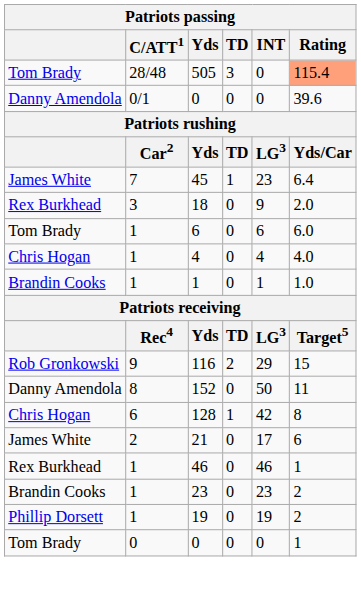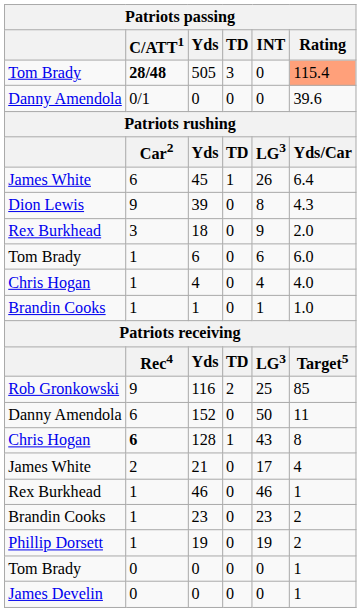 <table class="wikitable">
 <tr>
 <th colspan="6">Patriots passing</th>
 </tr>
 <tr>
 <th></th>
 <th>C/ATT<sup>1</sup></th>
 <th>Yds</th>
 <th>TD</th>
 <th>INT</th>
 <th>Rating</th>
 </tr>
 <tr>
 <td><a href='#'>Tom Brady</a></td>
-<td>28/48</td>
+<td><strong>28/48</strong></td>
 <td>505</td>
 <td>3</td>
 <td>0</td>
 <td style="background: lightsalmon;">115.4</td>
 </tr>
 <tr>
 <td><a href='#'>Danny Amendola</a></td>
 <td>0/1</td>
 <td>0</td>
 <td>0</td>
 <td>0</td>
 <td>39.6</td>
 </tr>
 <tr>
 <th colspan="6">Patriots rushing</th>
 </tr>
 <tr>
 <th></th>
 <th>Car<sup>2</sup></th>
 <th>Yds</th>
 <th>TD</th>
 <th>LG<sup>3</sup></th>
 <th>Yds/Car</th>
 </tr>
 <tr>
 <td><a href='#'>James White</a></td>
-<td>7</td>
+<td>6</td>
 <td>45</td>
 <td>1</td>
-<td>23</td>
+<td>26</td>
 <td>6.4</td>
+</tr>
+<tr>
+<td><a href='#'>Dion Lewis</a></td>
+<td>9</td>
+<td>39</td>
+<td>0</td>
+<td>8</td>
+<td>4.3</td>
 </tr>
 <tr>
 <td><a href='#'>Rex Burkhead</a></td>
 <td>3</td>
 <td>18</td>
 <td>0</td>
 <td>9</td>
 <td>2.0</td>
 </tr>
 <tr>
 <td>Tom Brady</td>
 <td>1</td>
 <td>6</td>
 <td>0</td>
 <td>6</td>
 <td>6.0</td>
 </tr>
 <tr>
 <td><a href='#'>Chris Hogan</a></td>
 <td>1</td>
 <td>4</td>
 <td>0</td>
 <td>4</td>
 <td>4.0</td>
 </tr>
 <tr>
 <td><a href='#'>Brandin Cooks</a></td>
 <td>1</td>
 <td>1</td>
 <td>0</td>
 <td>1</td>
 <td>1.0</td>
 </tr>
 <tr>
 <th colspan="6">Patriots receiving</th>
 </tr>
 <tr>
 <th></th>
 <th>Rec<sup>4</sup></th>
 <th>Yds</th>
 <th>TD</th>
 <th>LG<sup>3</sup></th>
 <th>Target<sup>5</sup></th>
 </tr>
 <tr>
 <td><a href='#'>Rob Gronkowski</a></td>
 <td>9</td>
 <td>116</td>
 <td>2</td>
-<td>29</td>
-<td>15</td>
+<td>25</td>
+<td>85</td>
 </tr>
 <tr>
 <td>Danny Amendola</td>
-<td>8</td>
+<td>6</td>
 <td>152</td>
 <td>0</td>
 <td>50</td>
 <td>11</td>
 </tr>
 <tr>
 <td><a href='#'>Chris Hogan</a></td>
-<td>6</td>
+<td><strong>6</strong></td>
 <td>128</td>
 <td>1</td>
-<td>42</td>
+<td>43</td>
 <td>8</td>
 </tr>
 <tr>
 <td>James White</td>
 <td>2</td>
 <td>21</td>
 <td>0</td>
 <td>17</td>
-<td>6</td>
+<td>4</td>
 </tr>
 <tr>
 <td>Rex Burkhead</td>
 <td>1</td>
 <td>46</td>
 <td>0</td>
 <td>46</td>
 <td>1</td>
 </tr>
 <tr>
 <td>Brandin Cooks</td>
 <td>1</td>
 <td>23</td>
 <td>0</td>
 <td>23</td>
 <td>2</td>
 </tr>
 <tr>
 <td><a href='#'>Phillip Dorsett</a></td>
 <td>1</td>
 <td>19</td>
 <td>0</td>
 <td>19</td>
 <td>2</td>
 </tr>
 <tr>
 <td>Tom Brady</td>
 <td>0</td>
 <td>0</td>
 <td>0</td>
 <td>0</td>
 <td>1</td>
 </tr>
+<tr>
+<td><a href='#'>James Develin</a></td>
+<td>0</td>
+<td>0</td>
+<td>0</td>
+<td>0</td>
+<td>1</td>
+</tr>
 </table>
